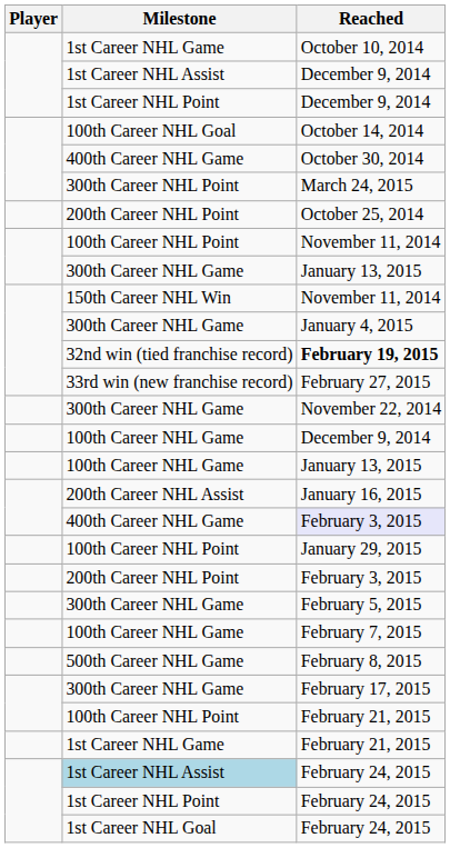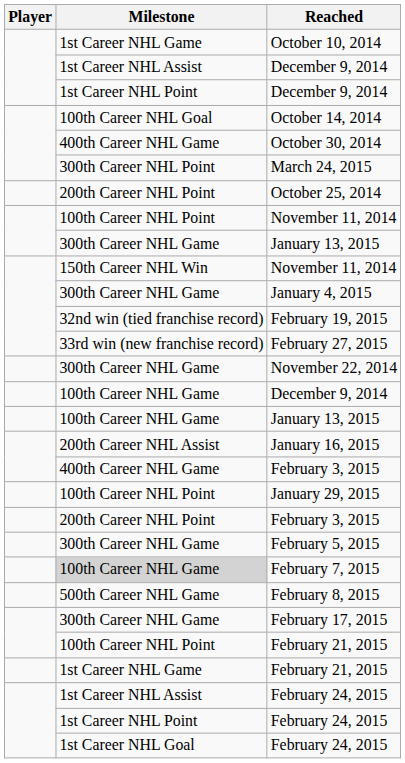 <table class="wikitable">
 <tr align=center>
 <th scope="col">Player</th>
 <th scope="col">Milestone</th>
 <th scope="col" data-sort-type="date">Reached</th>
 </tr>
 <tr>
 <td rowspan=3></td>
 <td>1st Career NHL Game</td>
 <td>October 10, 2014</td>
 </tr>
 <tr>
 <td>1st Career NHL Assist</td>
 <td>December 9, 2014</td>
 </tr>
 <tr>
 <td>1st Career NHL Point</td>
 <td>December 9, 2014</td>
 </tr>
 <tr>
 <td rowspan=3></td>
 <td>100th Career NHL Goal</td>
 <td>October 14, 2014</td>
 </tr>
 <tr>
 <td>400th Career NHL Game</td>
 <td>October 30, 2014</td>
 </tr>
 <tr>
 <td>300th Career NHL Point</td>
 <td>March 24, 2015</td>
 </tr>
 <tr>
 <td></td>
 <td>200th Career NHL Point</td>
 <td>October 25, 2014</td>
 </tr>
 <tr>
 <td rowspan=2></td>
 <td>100th Career NHL Point</td>
 <td>November 11, 2014</td>
 </tr>
 <tr>
 <td>300th Career NHL Game</td>
 <td>January 13, 2015</td>
 </tr>
 <tr>
 <td rowspan=4></td>
 <td>150th Career NHL Win</td>
 <td>November 11, 2014</td>
 </tr>
 <tr>
 <td>300th Career NHL Game</td>
 <td>January 4, 2015</td>
 </tr>
 <tr>
 <td>32nd win (tied franchise record)</td>
-<td><strong>February 19, 2015</strong></td>
+<td>February 19, 2015</td>
 </tr>
 <tr>
 <td>33rd win (new franchise record)</td>
 <td>February 27, 2015</td>
 </tr>
 <tr>
 <td></td>
 <td>300th Career NHL Game</td>
 <td>November 22, 2014</td>
 </tr>
 <tr>
 <td></td>
 <td>100th Career NHL Game</td>
 <td>December 9, 2014</td>
 </tr>
 <tr>
 <td></td>
 <td>100th Career NHL Game</td>
 <td>January 13, 2015</td>
 </tr>
 <tr>
 <td rowspan=2></td>
 <td>200th Career NHL Assist</td>
 <td>January 16, 2015</td>
 </tr>
 <tr>
 <td>400th Career NHL Game</td>
-<td style="background: lavender;">February 3, 2015</td>
+<td>February 3, 2015</td>
 </tr>
 <tr>
 <td></td>
 <td>100th Career NHL Point</td>
 <td>January 29, 2015</td>
 </tr>
 <tr>
 <td></td>
 <td>200th Career NHL Point</td>
 <td>February 3, 2015</td>
 </tr>
 <tr>
 <td></td>
 <td>300th Career NHL Game</td>
 <td>February 5, 2015</td>
 </tr>
 <tr>
 <td></td>
-<td>100th Career NHL Game</td>
+<td style="background: lightgrey;">100th Career NHL Game</td>
 <td>February 7, 2015</td>
 </tr>
 <tr>
 <td></td>
 <td>500th Career NHL Game</td>
 <td>February 8, 2015</td>
 </tr>
 <tr>
 <td rowspan="2"></td>
 <td>300th Career NHL Game</td>
 <td>February 17, 2015</td>
 </tr>
 <tr>
 <td>100th Career NHL Point</td>
 <td>February 21, 2015</td>
 </tr>
 <tr>
 <td></td>
 <td>1st Career NHL Game</td>
 <td>February 21, 2015</td>
 </tr>
 <tr>
 <td rowspan="3"></td>
-<td style="background: lightblue;">1st Career NHL Assist</td>
+<td>1st Career NHL Assist</td>
 <td>February 24, 2015</td>
 </tr>
 <tr>
 <td>1st Career NHL Point</td>
 <td>February 24, 2015</td>
 </tr>
 <tr>
 <td>1st Career NHL Goal</td>
 <td>February 24, 2015</td>
 </tr>
 </table>
